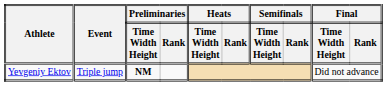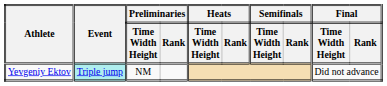 <table class=wikitable style="font-size:90%; border: double;">
 <tr>
 <th rowspan="2" style="border-right:double">Athlete</th>
 <th rowspan="2" style="border-right:double">Event</th>
 <th colspan="2" style="border-right:double; border-bottom:double;">Preliminaries</th>
 <th colspan="2" style="border-right:double; border-bottom:double;">Heats</th>
 <th colspan="2" style="border-right:double; border-bottom:double;">Semifinals</th>
 <th colspan="2" style="border-right:double; border-bottom:double;">Final</th>
 </tr>
 <tr>
 <th>Time<br>Width<br>Height</th>
 <th style="border-right:double">Rank</th>
 <th>Time<br>Width<br>Height</th>
 <th style="border-right:double">Rank</th>
 <th>Time<br>Width<br>Height</th>
 <th style="border-right:double">Rank</th>
 <th>Time<br>Width<br>Height</th>
 <th style="border-right:double">Rank</th>
 </tr>
 <tr style="border-top: double;">
 <td style="border-right:double"><a href='#'>Yevgeniy Ektov</a></td>
-<td style="border-right:double"><a href='#'>Triple jump</a></td>
-<td align=center><strong>NM</strong></td>
+<td style="background: paleturquoise; border-right:double"><a href='#'>Triple jump</a></td>
+<td align=center>NM</td>
 <td align=center style="border-right:double"></td>
 <td style="border-right:double" colspan= 4  bgcolor="wheat"></td>
 <td colspan="2" align=center>Did not advance</td>
 </tr>
 </table>
